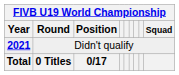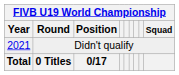 <table class="wikitable" style="text-align: center;">
 <tr>
 <th colspan=9><a href='#'>FIVB U19 World Championship</a></th>
 </tr>
 <tr>
 <th>Year</th>
 <th>Round</th>
 <th>Position</th>
 <th></th>
 <th></th>
 <th></th>
 <th></th>
 <th></th>
 <th><small>Squad</small></th>
 </tr>
 <tr bgcolor="efefef">
-<td><strong> <a href='#'>2021</a></strong></td>
+<td> <a href='#'>2021</a></td>
 <td colspan=9 rowspan=1>Didn't qualify</td>
 </tr>
 <tr>
 <th>Total</th>
 <th>0 Titles</th>
 <th>0/17</th>
 <th></th>
 <th></th>
 <th></th>
 <th></th>
 <th></th>
 <th></th>
 </tr>
 </table>
